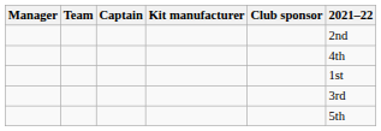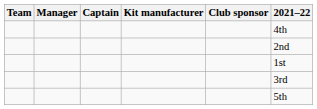 <table class="wikitable sortable" style="text-align: left;">
 <tr>
+<th>Team</th>
 <th>Manager</th>
-<th>Team</th>
 <th>Captain</th>
 <th>Kit manufacturer</th>
 <th>Club sponsor</th>
 <th>2021–22</th>
 </tr>
 <tr>
 <td></td>
 <td></td>
 <td></td>
 <td></td>
 <td></td>
-<td>2nd</td>
+<td>4th</td>
 </tr>
 <tr>
 <td></td>
 <td></td>
 <td></td>
 <td></td>
 <td></td>
-<td>4th</td>
+<td>2nd</td>
 </tr>
 <tr>
 <td></td>
 <td></td>
 <td></td>
 <td></td>
 <td></td>
 <td>1st</td>
 </tr>
 <tr>
 <td></td>
 <td></td>
 <td></td>
 <td></td>
 <td></td>
 <td>3rd</td>
 </tr>
 <tr>
 <td></td>
 <td></td>
 <td></td>
 <td></td>
 <td></td>
 <td>5th</td>
 </tr>
 </table>
